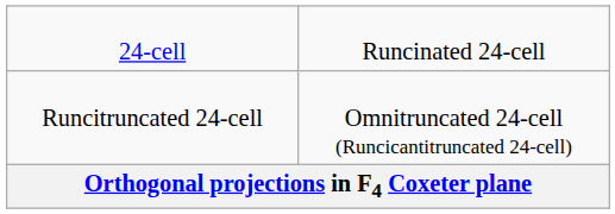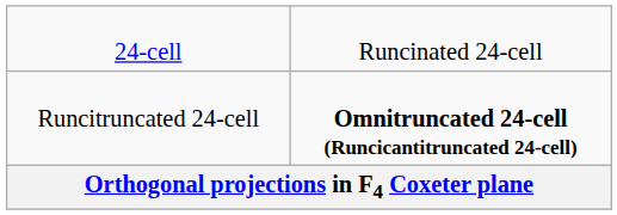 <table class=wikitable style="float:right; margin-left:8px; width:400px">
 <tr align=center valign=top>
 <td><br><a href='#'>24-cell</a><br></td>
 <td><br>Runcinated 24-cell<br></td>
 </tr>
 <tr align=center valign=top>
 <td><br>Runcitruncated 24-cell<br></td>
-<td><br>Omnitruncated 24-cell<br><small>(Runcicantitruncated 24-cell)</small><br></td>
+<td><strong><br>Omnitruncated 24-cell<br><small>(Runcicantitruncated 24-cell)</small><br></strong></td>
 </tr>
 <tr>
 <th colspan=2><a href='#'>Orthogonal projections</a> in F<sub>4</sub> <a href='#'>Coxeter plane</a></th>
 </tr>
 </table>
